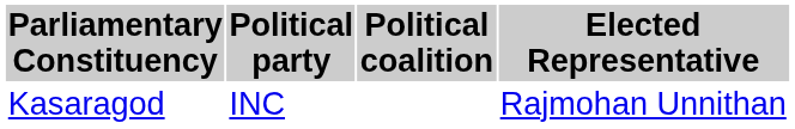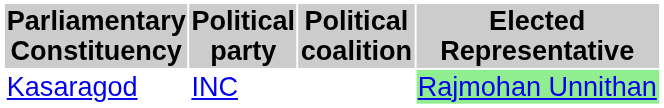 <table align="left" class="toccolours" cellspacing="1" cellpadding="1" style="margin-right: .5em; margin-top: .4em; font-size: 90%">
 <tr>
 </tr>
 <tr bgcolor="#cccccc" valign="top">
 <th>Parliamentary <br>Constituency</th>
 <th>Political <br>party</th>
 <th>Political <br>coalition</th>
 <th>Elected <br> Representative</th>
 </tr>
 <tr>
 <td><a href='#'>Kasaragod</a></td>
 <td style="background-color:"><a href='#'><span>INC</span></a></td>
 <td></td>
-<td><a href='#'>Rajmohan Unnithan</a></td>
+<td style="background: lightgreen;"><a href='#'>Rajmohan Unnithan</a></td>
 </tr>
 </table>
